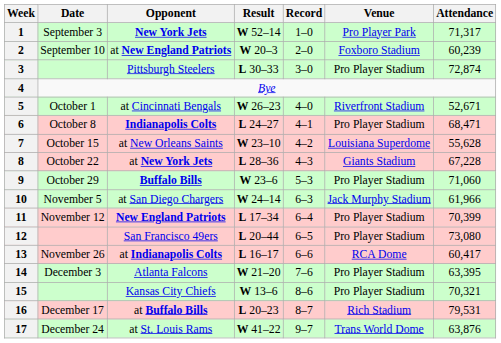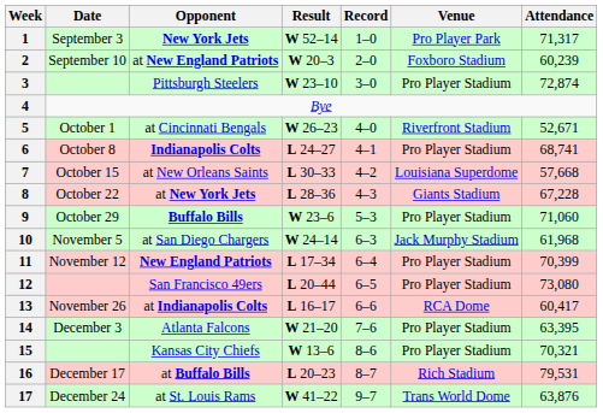 <table class="wikitable" style="text-align:center">
 <tr>
 <th>Week</th>
 <th>Date</th>
 <th>Opponent</th>
 <th>Result</th>
 <th>Record</th>
 <th>Venue</th>
 <th>Attendance</th>
 </tr>
 <tr style="background:#cfc">
 <th>1</th>
 <td>September 3</td>
 <td><strong><a href='#'>New York Jets</a></strong></td>
 <td><strong>W</strong> 52–14</td>
 <td>1–0</td>
 <td><a href='#'>Pro Player Park</a></td>
 <td>71,317</td>
 </tr>
 <tr style="background:#cfc">
 <th>2</th>
 <td>September 10</td>
 <td>at <strong><a href='#'>New England Patriots</a></strong></td>
 <td><strong>W</strong> 20–3</td>
 <td>2–0</td>
 <td><a href='#'>Foxboro Stadium</a></td>
 <td>60,239</td>
 </tr>
 <tr style="background:#cfc">
 <th>3</th>
 <td></td>
 <td><a href='#'>Pittsburgh Steelers</a></td>
-<td><strong>L</strong> 30–33</td>
+<td><strong>W</strong> 23–10</td>
 <td>3–0</td>
 <td>Pro Player Stadium</td>
 <td>72,874</td>
 </tr>
 <tr>
 <th>4</th>
 <td colspan=7><em><a href='#'>Bye</a></em></td>
 </tr>
 <tr style="background:#cfc">
 <th>5</th>
 <td>October 1</td>
 <td>at <a href='#'>Cincinnati Bengals</a></td>
 <td><strong>W</strong> 26–23</td>
 <td>4–0</td>
 <td><a href='#'>Riverfront Stadium</a></td>
 <td>52,671</td>
 </tr>
 <tr style="background:#fcc">
 <th>6</th>
 <td>October 8</td>
 <td><strong><a href='#'>Indianapolis Colts</a></strong></td>
 <td><strong>L</strong> 24–27 </td>
 <td>4–1</td>
 <td>Pro Player Stadium</td>
-<td>68,471</td>
+<td>68,741</td>
 </tr>
 <tr style="background:#fcc">
 <th>7</th>
 <td>October 15</td>
 <td>at <a href='#'>New Orleans Saints</a></td>
-<td><strong>W</strong> 23–10</td>
+<td><strong>L</strong> 30–33</td>
 <td>4–2</td>
 <td><a href='#'>Louisiana Superdome</a></td>
-<td>55,628</td>
+<td>57,668</td>
 </tr>
 <tr style="background:#fcc">
 <th>8</th>
 <td>October 22</td>
 <td>at <strong><a href='#'>New York Jets</a></strong></td>
 <td><strong>L</strong> 28–36</td>
 <td>4–3</td>
 <td><a href='#'>Giants Stadium</a></td>
 <td>67,228</td>
 </tr>
 <tr style="background:#cfc">
 <th>9</th>
 <td>October 29</td>
 <td><strong><a href='#'>Buffalo Bills</a></strong></td>
 <td><strong>W</strong> 23–6</td>
 <td>5–3</td>
 <td>Pro Player Stadium</td>
 <td>71,060</td>
 </tr>
 <tr style="background:#cfc">
 <th>10</th>
 <td>November 5</td>
 <td>at <a href='#'>San Diego Chargers</a></td>
 <td><strong>W</strong> 24–14</td>
 <td>6–3</td>
 <td><a href='#'>Jack Murphy Stadium</a></td>
-<td>61,966</td>
+<td>61,968</td>
 </tr>
 <tr style="background:#fcc">
 <th>11</th>
 <td>November 12</td>
 <td><strong><a href='#'>New England Patriots</a></strong></td>
 <td><strong>L</strong> 17–34</td>
 <td>6–4</td>
 <td>Pro Player Stadium</td>
 <td>70,399</td>
 </tr>
 <tr style="background:#fcc">
 <th>12</th>
 <td></td>
 <td><a href='#'>San Francisco 49ers</a></td>
 <td><strong>L</strong> 20–44</td>
 <td>6–5</td>
 <td>Pro Player Stadium</td>
 <td>73,080</td>
 </tr>
 <tr style="background:#fcc">
 <th>13</th>
 <td>November 26</td>
 <td>at <strong><a href='#'>Indianapolis Colts</a></strong></td>
 <td><strong>L</strong> 16–17</td>
 <td>6–6</td>
 <td><a href='#'>RCA Dome</a></td>
 <td>60,417</td>
 </tr>
 <tr style="background:#cfc">
 <th>14</th>
 <td>December 3</td>
 <td><a href='#'>Atlanta Falcons</a></td>
 <td><strong>W</strong> 21–20</td>
 <td>7–6</td>
 <td>Pro Player Stadium</td>
 <td>63,395</td>
 </tr>
 <tr style="background:#cfc">
 <th>15</th>
 <td></td>
 <td><a href='#'>Kansas City Chiefs</a></td>
 <td><strong>W</strong> 13–6</td>
 <td>8–6</td>
 <td>Pro Player Stadium</td>
 <td>70,321</td>
 </tr>
 <tr style="background:#fcc">
 <th>16</th>
 <td>December 17</td>
 <td>at <strong><a href='#'>Buffalo Bills</a></strong></td>
 <td><strong>L</strong> 20–23</td>
 <td>8–7</td>
 <td><a href='#'>Rich Stadium</a></td>
 <td>79,531</td>
 </tr>
 <tr style="background:#cfc">
 <th>17</th>
 <td>December 24</td>
 <td>at <a href='#'>St. Louis Rams</a></td>
 <td><strong>W</strong> 41–22</td>
 <td>9–7</td>
 <td><a href='#'>Trans World Dome</a></td>
 <td>63,876</td>
 </tr>
 </table>
